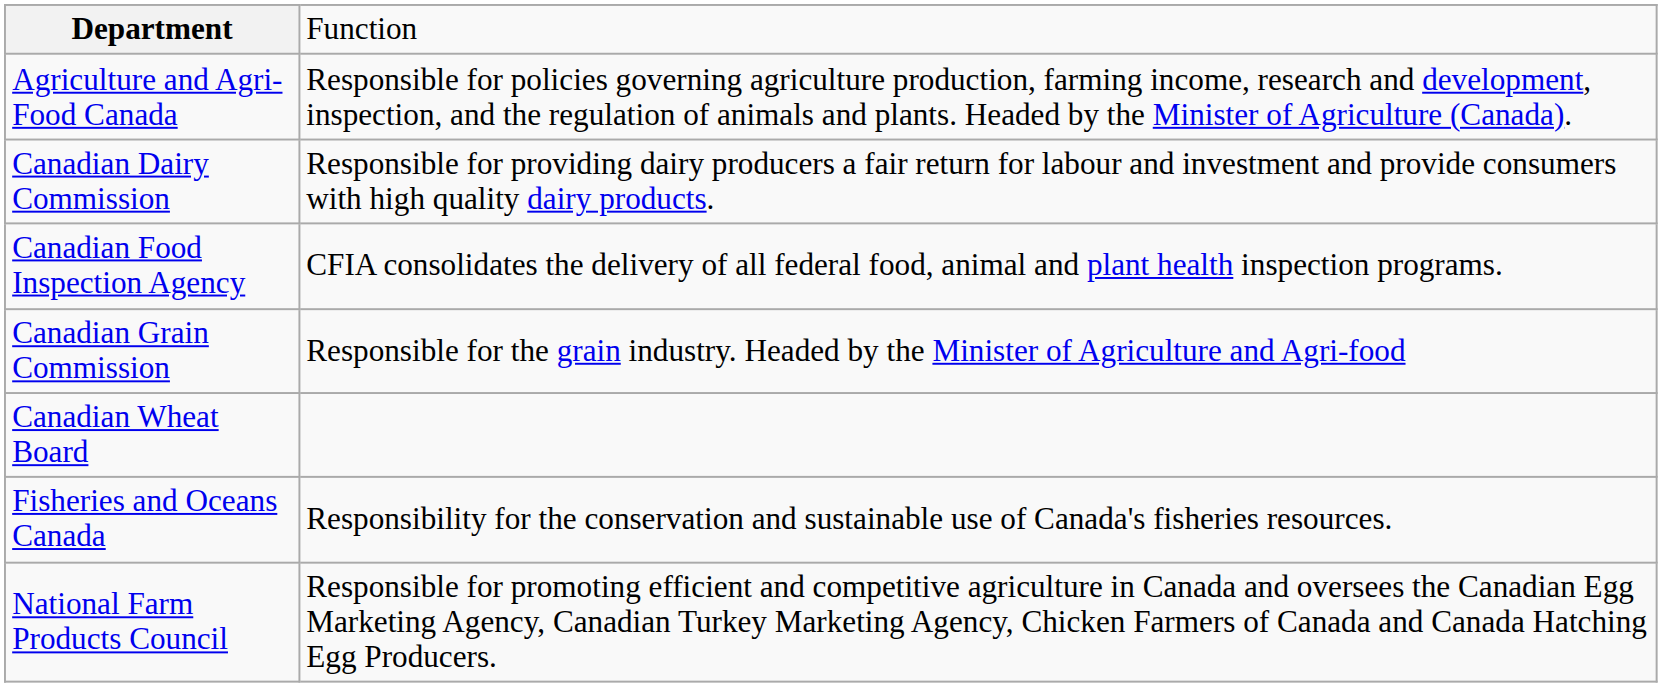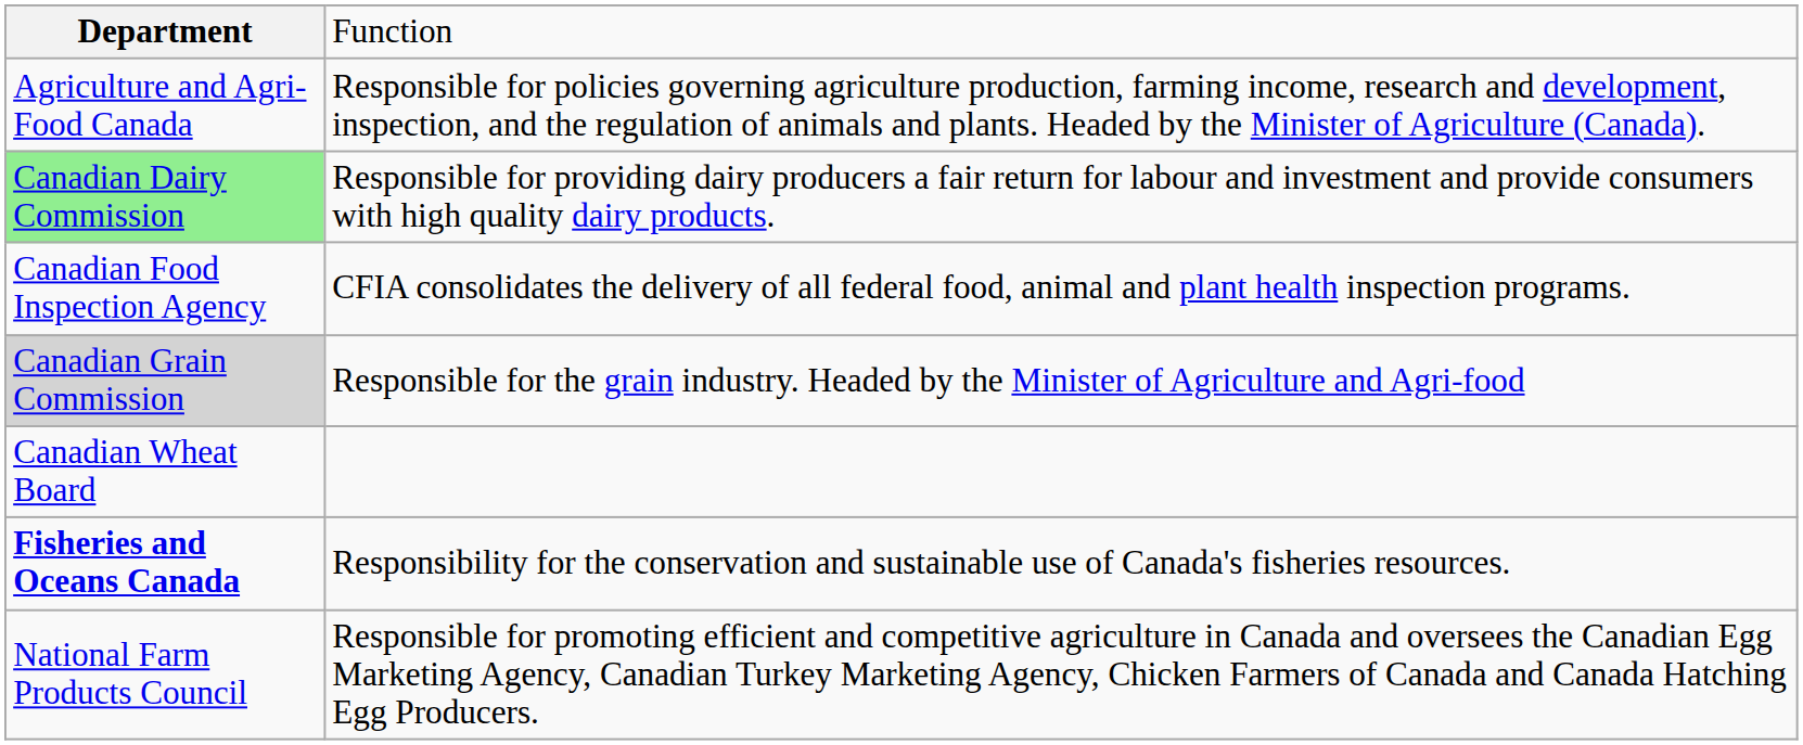 <table class="wikitable" style="margin-left:20px;">
 <tr>
 <th align=left>Department</th>
 <td>Function</td>
 </tr>
 <tr>
 <td><a href='#'>Agriculture and Agri-Food Canada</a></td>
 <td>Responsible for policies governing agriculture production, farming income, research and <a href='#'>development</a>, inspection, and the regulation of animals and plants. Headed by the <a href='#'>Minister of Agriculture (Canada)</a>.</td>
 </tr>
 <tr>
-<td><a href='#'>Canadian Dairy Commission</a></td>
+<td style="background: lightgreen;"><a href='#'>Canadian Dairy Commission</a></td>
 <td>Responsible for providing dairy producers a fair return for labour and investment and provide consumers with high quality <a href='#'>dairy products</a>.</td>
 </tr>
 <tr>
 <td><a href='#'>Canadian Food Inspection Agency</a></td>
 <td>CFIA consolidates the delivery of all federal food, animal and <a href='#'>plant health</a> inspection programs.</td>
 </tr>
 <tr>
-<td><a href='#'>Canadian Grain Commission</a></td>
+<td style="background: lightgrey;"><a href='#'>Canadian Grain Commission</a></td>
 <td>Responsible for the <a href='#'>grain</a> industry. Headed by the <a href='#'>Minister of Agriculture and Agri-food</a></td>
 </tr>
 <tr>
 <td><a href='#'>Canadian Wheat Board</a></td>
 <td></td>
 </tr>
 <tr>
-<td><a href='#'>Fisheries and Oceans Canada</a></td>
+<td><strong><a href='#'>Fisheries and Oceans Canada</a></strong></td>
 <td>Responsibility for the conservation and sustainable use of Canada's fisheries resources.</td>
 </tr>
 <tr>
 <td><a href='#'>National Farm Products Council</a></td>
 <td>Responsible for promoting efficient and competitive agriculture in Canada and oversees the Canadian Egg Marketing Agency, Canadian Turkey Marketing Agency, Chicken Farmers of Canada and Canada Hatching Egg Producers.</td>
 </tr>
 </table>
